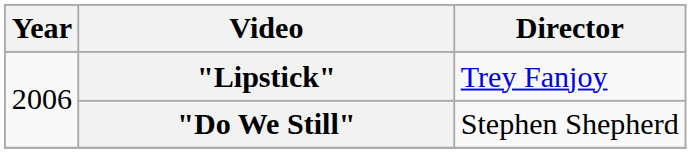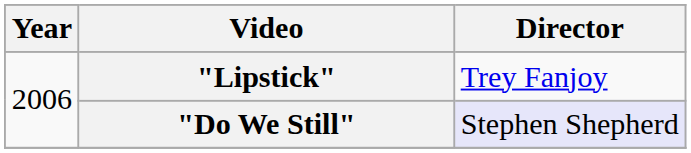 <table class="wikitable plainrowheaders">
 <tr>
 <th>Year</th>
 <th style="width:12em;">Video</th>
 <th>Director</th>
 </tr>
 <tr>
 <td rowspan="2">2006</td>
 <th scope="row">"Lipstick"</th>
 <td><a href='#'>Trey Fanjoy</a></td>
 </tr>
 <tr>
 <th scope="row">"Do We Still"</th>
-<td>Stephen Shepherd</td>
+<td style="background: lavender;">Stephen Shepherd</td>
 </tr>
 <tr>
 </tr>
 </table>
